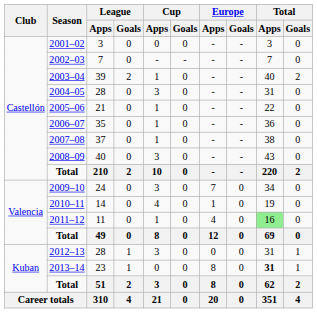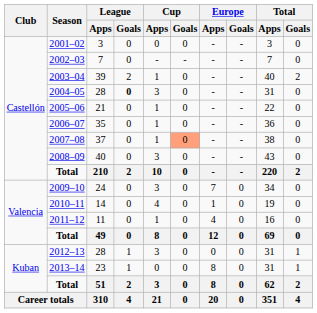 <table class="wikitable" style="text-align: center;">
 <tr>
 <th rowspan="2">Club</th>
 <th rowspan="2">Season</th>
 <th colspan="2">League</th>
 <th colspan="2">Cup</th>
 <th colspan="2"><a href='#'>Europe</a></th>
 <th colspan="2">Total</th>
 </tr>
 <tr>
 <th>Apps</th>
 <th>Goals</th>
 <th>Apps</th>
 <th>Goals</th>
 <th>Apps</th>
 <th>Goals</th>
 <th>Apps</th>
 <th>Goals</th>
 </tr>
 <tr>
 <td rowspan="9" align=center valign=center><a href='#'>Castellón</a></td>
 <td !colspan="2"><a href='#'>2001–02</a></td>
 <td>3</td>
 <td>0</td>
 <td>0</td>
 <td>0</td>
 <td>-</td>
 <td>-</td>
 <td>3</td>
 <td>0</td>
 </tr>
 <tr>
 <td !colspan="2"><a href='#'>2002–03</a></td>
 <td>7</td>
 <td>0</td>
 <td>-</td>
 <td>-</td>
 <td>-</td>
 <td>-</td>
 <td>7</td>
 <td>0</td>
 </tr>
 <tr>
 <td !colspan="2"><a href='#'>2003–04</a></td>
 <td>39</td>
 <td>2</td>
 <td>1</td>
 <td>0</td>
 <td>-</td>
 <td>-</td>
 <td>40</td>
 <td>2</td>
 </tr>
 <tr>
 <td !colspan="2"><a href='#'>2004–05</a></td>
 <td>28</td>
-<td>0</td>
+<td><strong>0</strong></td>
 <td>3</td>
 <td>0</td>
 <td>-</td>
 <td>-</td>
 <td>31</td>
 <td>0</td>
 </tr>
 <tr>
 <td !colspan="2"><a href='#'>2005–06</a></td>
 <td>21</td>
 <td>0</td>
 <td>1</td>
 <td>0</td>
 <td>-</td>
 <td>-</td>
 <td>22</td>
 <td>0</td>
 </tr>
 <tr>
 <td !colspan="2"><a href='#'>2006–07</a></td>
 <td>35</td>
 <td>0</td>
 <td>1</td>
 <td>0</td>
 <td>-</td>
 <td>-</td>
 <td>36</td>
 <td>0</td>
 </tr>
 <tr>
 <td !colspan="2"><a href='#'>2007–08</a></td>
 <td>37</td>
 <td>0</td>
 <td>1</td>
-<td>0</td>
+<td style="background: lightsalmon;">0</td>
 <td>-</td>
 <td>-</td>
 <td>38</td>
 <td>0</td>
 </tr>
 <tr>
 <td !colspan="2"><a href='#'>2008–09</a></td>
 <td>40</td>
 <td>0</td>
 <td>3</td>
 <td>0</td>
 <td>-</td>
 <td>-</td>
 <td>43</td>
 <td>0</td>
 </tr>
 <tr>
 <td !colspan="2"><strong>Total</strong></td>
 <th>210</th>
 <th>2</th>
 <th>10</th>
 <th>0</th>
 <th>-</th>
 <th>-</th>
 <th>220</th>
 <th>2</th>
 </tr>
 <tr>
 <td rowspan="4" align=center valign=center><a href='#'>Valencia</a></td>
 <td !colspan="2"><a href='#'>2009–10</a></td>
 <td>24</td>
 <td>0</td>
 <td>3</td>
 <td>0</td>
 <td>7</td>
 <td>0</td>
 <td>34</td>
 <td>0</td>
 </tr>
 <tr>
 <td !colspan="2"><a href='#'>2010–11</a></td>
 <td>14</td>
 <td>0</td>
 <td>4</td>
 <td>0</td>
 <td>1</td>
 <td>0</td>
 <td>19</td>
 <td>0</td>
 </tr>
 <tr>
 <td !colspan="2"><a href='#'>2011–12</a></td>
 <td>11</td>
 <td>0</td>
 <td>1</td>
 <td>0</td>
 <td>4</td>
 <td>0</td>
-<td style="background: lightgreen;">16</td>
+<td>16</td>
 <td>0</td>
 </tr>
 <tr>
 <td !colspan="2"><strong>Total</strong></td>
 <th>49</th>
 <th>0</th>
 <th>8</th>
 <th>0</th>
 <th>12</th>
 <th>0</th>
 <th>69</th>
 <th>0</th>
 </tr>
 <tr>
 <td rowspan="3" align=center valign=center><a href='#'>Kuban</a></td>
 <td !colspan="2"><a href='#'>2012–13</a></td>
 <td>28</td>
 <td>1</td>
 <td>3</td>
 <td>0</td>
 <td>0</td>
 <td>0</td>
 <td>31</td>
 <td>1</td>
 </tr>
 <tr>
 <td !colspan="2"><a href='#'>2013–14</a></td>
 <td>23</td>
 <td>1</td>
 <td>0</td>
 <td>0</td>
 <td>8</td>
 <td>0</td>
-<td><strong>31</strong></td>
+<td>31</td>
 <td>1</td>
 </tr>
 <tr>
 <td !colspan="2"><strong>Total</strong></td>
 <th>51</th>
 <th>2</th>
 <th>3</th>
 <th>0</th>
 <th>8</th>
 <th>0</th>
 <th>62</th>
 <th>2</th>
 </tr>
 <tr>
 <th colspan="2">Career totals</th>
 <th>310</th>
 <th>4</th>
 <th>21</th>
 <th>0</th>
 <th>20</th>
 <th>0</th>
 <th>351</th>
 <th>4</th>
 </tr>
 </table>
